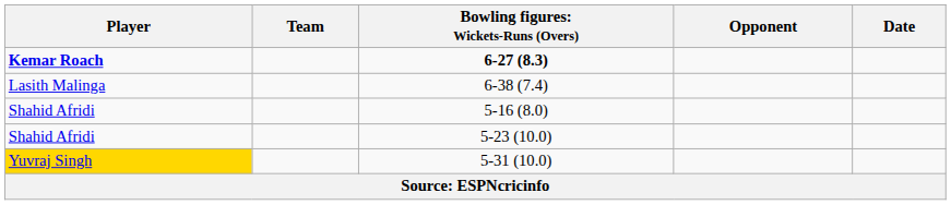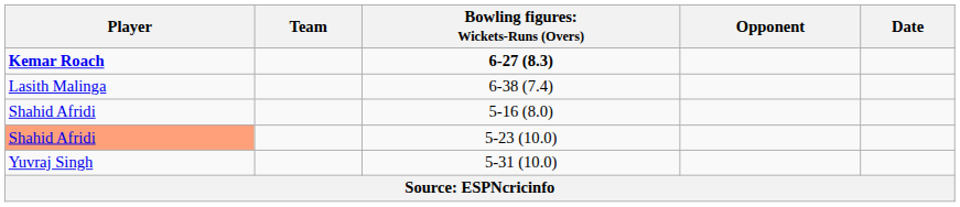 <table class="wikitable sortable" style="text-align:center" width="75%">
 <tr>
 <th class="unsortable">Player</th>
 <th>Team</th>
 <th BF>Bowling figures:<br><small>Wickets-Runs (Overs)</small></th>
 <th>Opponent</th>
 <th>Date</th>
 </tr>
 <tr>
 <td style="text-align:left"><strong><a href='#'>Kemar Roach</a></strong></td>
 <td style="text-align:left"><strong></strong></td>
 <td><strong>6-27 (8.3)</strong></td>
 <td style="text-align:left"></td>
 <td></td>
 </tr>
 <tr>
 <td style="text-align:left"><a href='#'>Lasith Malinga</a></td>
 <td style="text-align:left"></td>
 <td>6-38 (7.4)</td>
 <td style="text-align:left"></td>
 <td></td>
 </tr>
 <tr>
 <td style="text-align:left"><a href='#'>Shahid Afridi</a></td>
 <td style="text-align:left"></td>
 <td>5-16 (8.0)</td>
 <td style="text-align:left"></td>
 <td></td>
 </tr>
 <tr>
-<td style="text-align:left"><a href='#'>Shahid Afridi</a></td>
+<td style="background: lightsalmon; text-align:left"><a href='#'>Shahid Afridi</a></td>
 <td style="text-align:left"></td>
 <td>5-23 (10.0)</td>
 <td style="text-align:left"></td>
 <td></td>
 </tr>
 <tr>
-<td style="background: gold; text-align:left"><a href='#'>Yuvraj Singh</a></td>
+<td style="text-align:left"><a href='#'>Yuvraj Singh</a></td>
 <td style="text-align:left"></td>
 <td>5-31 (10.0)</td>
 <td style="text-align:left"></td>
 <td></td>
 </tr>
 <tr>
 <th colspan=9>Source: ESPNcricinfo </th>
 </tr>
 </table>
